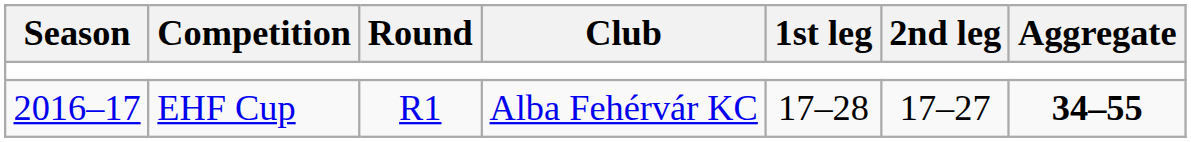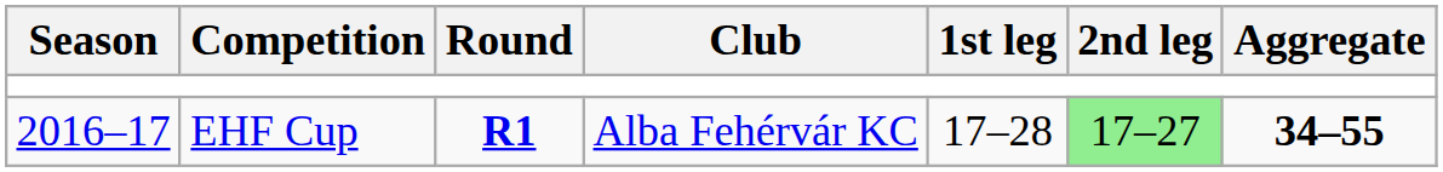 <table class="wikitable">
 <tr>
 <th>Season</th>
 <th>Competition</th>
 <th>Round</th>
 <th>Club</th>
 <th>1st leg</th>
 <th>2nd leg</th>
 <th>Aggregate</th>
 </tr>
 <tr>
 <td colspan="7" bgcolor=white></td>
 </tr>
 <tr>
 <td><a href='#'>2016–17</a></td>
 <td><a href='#'>EHF Cup</a></td>
-<td style="text-align:center;"><a href='#'>R1</a></td>
+<td style="text-align:center;"><strong><a href='#'>R1</a></strong></td>
 <td> <a href='#'>Alba Fehérvár KC</a></td>
 <td style="text-align:center;">17–28</td>
-<td style="text-align:center;">17–27</td>
+<td style="background: lightgreen; text-align:center;">17–27</td>
 <td style="text-align:center;"><strong>34–55</strong></td>
 </tr>
 </table>
